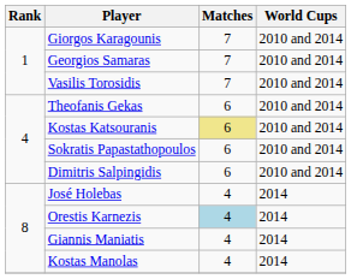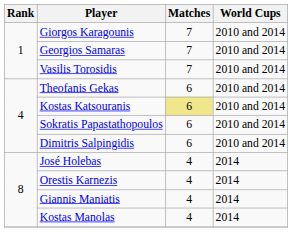 <table class="wikitable" style="text-align: left;">
 <tr>
 <th>Rank</th>
 <th>Player</th>
 <th>Matches</th>
 <th>World Cups</th>
 </tr>
 <tr>
 <td rowspan=3 align=center>1</td>
 <td><a href='#'>Giorgos Karagounis</a></td>
 <td align=center>7</td>
 <td>2010 and 2014</td>
 </tr>
 <tr>
 <td><a href='#'>Georgios Samaras</a></td>
 <td align=center>7</td>
 <td>2010 and 2014</td>
 </tr>
 <tr>
 <td><a href='#'>Vasilis Torosidis</a></td>
 <td align=center>7</td>
 <td>2010 and 2014</td>
 </tr>
 <tr>
 <td rowspan=4 align=center>4</td>
 <td><a href='#'>Theofanis Gekas</a></td>
 <td align=center>6</td>
 <td>2010 and 2014</td>
 </tr>
 <tr>
 <td><a href='#'>Kostas Katsouranis</a></td>
 <td align=center style="background: khaki;">6</td>
 <td>2010 and 2014</td>
 </tr>
 <tr>
 <td><a href='#'>Sokratis Papastathopoulos</a></td>
 <td align=center>6</td>
 <td>2010 and 2014</td>
 </tr>
 <tr>
 <td><a href='#'>Dimitris Salpingidis</a></td>
 <td align=center>6</td>
 <td>2010 and 2014</td>
 </tr>
 <tr>
 <td rowspan=4 align=center>8</td>
 <td><a href='#'>José Holebas</a></td>
 <td align=center>4</td>
 <td>2014</td>
 </tr>
 <tr>
 <td><a href='#'>Orestis Karnezis</a></td>
-<td align=center style="background: lightblue;">4</td>
+<td align=center>4</td>
 <td>2014</td>
 </tr>
 <tr>
 <td><a href='#'>Giannis Maniatis</a></td>
 <td align=center>4</td>
 <td>2014</td>
 </tr>
 <tr>
 <td><a href='#'>Kostas Manolas</a></td>
 <td align=center>4</td>
 <td>2014</td>
 </tr>
 <tr>
 </tr>
 </table>
